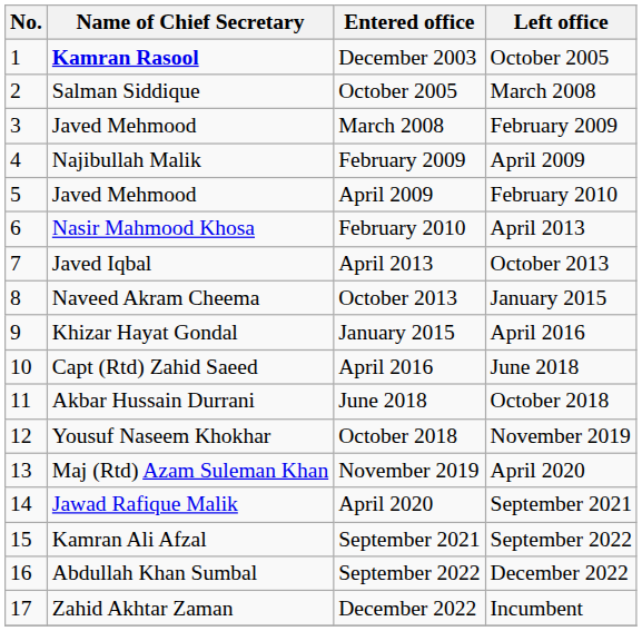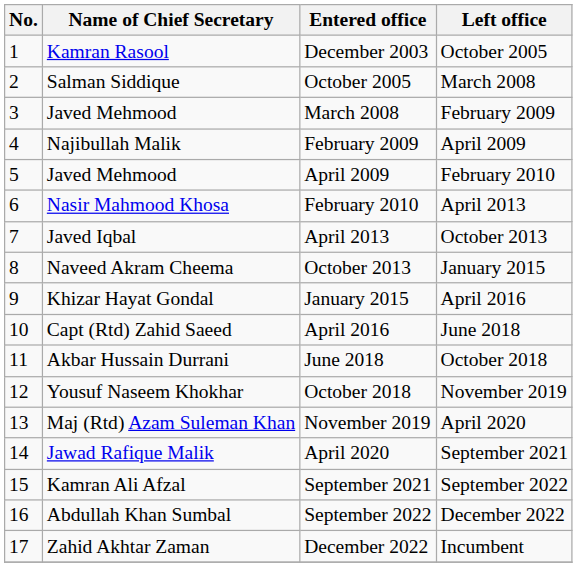 <table class="wikitable">
 <tr>
 <th>No.</th>
 <th>Name of Chief Secretary</th>
 <th>Entered office</th>
 <th>Left office</th>
 </tr>
 <tr>
 <td>1</td>
-<td><strong><a href='#'>Kamran Rasool</a></strong></td>
+<td><a href='#'>Kamran Rasool</a></td>
 <td>December 2003</td>
 <td>October 2005</td>
 </tr>
 <tr>
 <td>2</td>
 <td>Salman Siddique</td>
 <td>October 2005</td>
 <td>March 2008</td>
 </tr>
 <tr>
 <td>3</td>
 <td>Javed Mehmood</td>
 <td>March 2008</td>
 <td>February 2009</td>
 </tr>
 <tr>
 <td>4</td>
 <td>Najibullah Malik</td>
 <td>February 2009</td>
 <td>April 2009</td>
 </tr>
 <tr>
 <td>5</td>
 <td>Javed Mehmood</td>
 <td>April 2009</td>
 <td>February 2010</td>
 </tr>
 <tr>
 <td>6</td>
 <td><a href='#'>Nasir Mahmood Khosa</a></td>
 <td>February 2010</td>
 <td>April 2013</td>
 </tr>
 <tr>
 <td>7</td>
 <td>Javed Iqbal</td>
 <td>April 2013</td>
 <td>October 2013</td>
 </tr>
 <tr>
 <td>8</td>
 <td>Naveed Akram Cheema</td>
 <td>October 2013</td>
 <td>January 2015</td>
 </tr>
 <tr>
 <td>9</td>
 <td>Khizar Hayat Gondal</td>
 <td>January 2015</td>
 <td>April 2016</td>
 </tr>
 <tr>
 <td>10</td>
 <td>Capt (Rtd) Zahid Saeed</td>
 <td>April 2016</td>
 <td>June 2018</td>
 </tr>
 <tr>
 <td>11</td>
 <td>Akbar Hussain Durrani</td>
 <td>June 2018</td>
 <td>October 2018</td>
 </tr>
 <tr>
 <td>12</td>
 <td>Yousuf Naseem Khokhar</td>
 <td>October 2018</td>
 <td>November 2019</td>
 </tr>
 <tr>
 <td>13</td>
 <td>Maj (Rtd) <a href='#'>Azam Suleman Khan</a></td>
 <td>November 2019</td>
 <td>April 2020</td>
 </tr>
 <tr>
 <td>14</td>
 <td><a href='#'>Jawad Rafique Malik</a></td>
 <td>April 2020</td>
 <td>September 2021</td>
 </tr>
 <tr>
 <td>15</td>
 <td>Kamran Ali Afzal</td>
 <td>September 2021</td>
 <td>September 2022</td>
 </tr>
 <tr>
 <td>16</td>
 <td>Abdullah Khan Sumbal</td>
 <td>September 2022</td>
 <td>December 2022</td>
 </tr>
 <tr>
 <td>17</td>
 <td>Zahid Akhtar Zaman</td>
 <td>December 2022</td>
 <td>Incumbent</td>
 </tr>
 <tr>
 </tr>
 </table>
